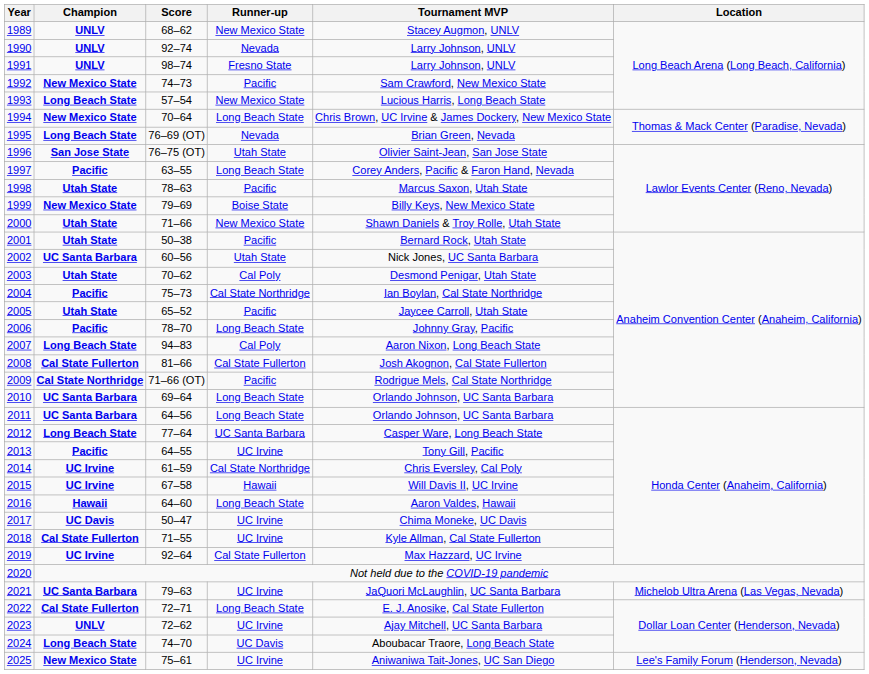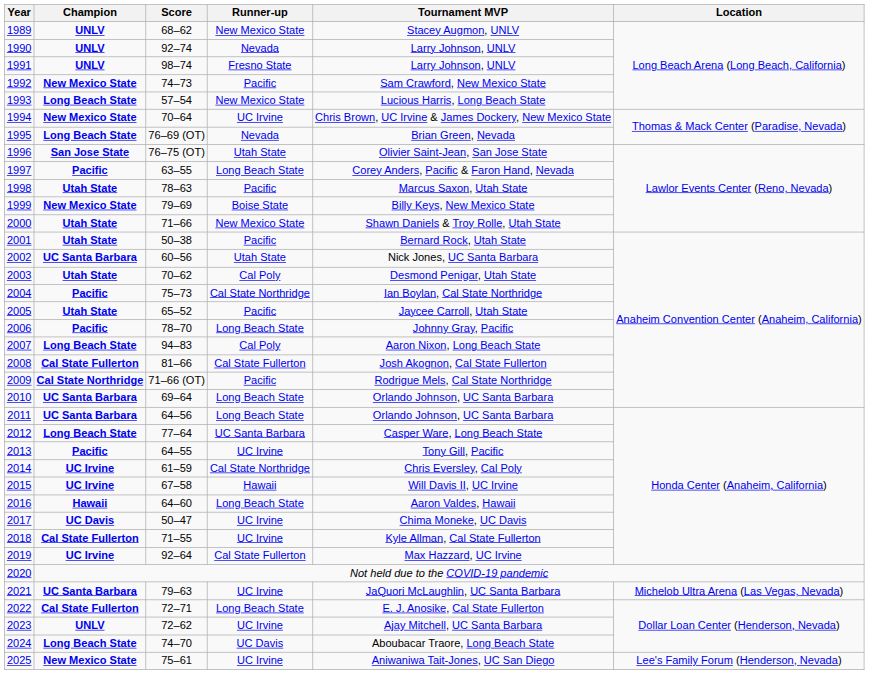 <table class="wikitable sortable" style="text-align:center">
 <tr>
 <th width=px>Year</th>
 <th width=px>Champion</th>
 <th width=px>Score</th>
 <th width=px>Runner-up</th>
 <th width=px>Tournament MVP</th>
 <th width=px>Location</th>
 </tr>
 <tr>
 <td><a href='#'>1989</a></td>
 <td><strong><a href='#'>UNLV</a></strong></td>
 <td>68–62</td>
 <td><a href='#'>New Mexico State</a></td>
 <td><a href='#'>Stacey Augmon</a>, <a href='#'>UNLV</a></td>
 <td rowspan=5><a href='#'>Long Beach Arena</a> (<a href='#'>Long Beach, California</a>)</td>
 </tr>
 <tr>
 <td><a href='#'>1990</a></td>
 <td><strong><a href='#'>UNLV</a></strong></td>
 <td>92–74</td>
 <td><a href='#'>Nevada</a></td>
 <td><a href='#'>Larry Johnson</a>, <a href='#'>UNLV</a></td>
 </tr>
 <tr>
 <td><a href='#'>1991</a></td>
 <td><strong><a href='#'>UNLV</a></strong></td>
 <td>98–74</td>
 <td><a href='#'>Fresno State</a></td>
 <td><a href='#'>Larry Johnson</a>, <a href='#'>UNLV</a></td>
 </tr>
 <tr>
 <td><a href='#'>1992</a></td>
 <td><strong><a href='#'>New Mexico State</a></strong></td>
 <td>74–73</td>
 <td><a href='#'>Pacific</a></td>
 <td><a href='#'>Sam Crawford</a>, <a href='#'>New Mexico State</a></td>
 </tr>
 <tr>
 <td><a href='#'>1993</a></td>
 <td><strong><a href='#'>Long Beach State</a></strong></td>
 <td>57–54</td>
 <td><a href='#'>New Mexico State</a></td>
 <td><a href='#'>Lucious Harris</a>, <a href='#'>Long Beach State</a></td>
 </tr>
 <tr>
 <td><a href='#'>1994</a></td>
 <td><strong><a href='#'>New Mexico State</a></strong></td>
 <td>70–64</td>
-<td><a href='#'>Long Beach State</a></td>
+<td><a href='#'>UC Irvine</a></td>
 <td><a href='#'>Chris Brown</a>, <a href='#'>UC Irvine</a> & <a href='#'>James Dockery</a>, <a href='#'>New Mexico State</a></td>
 <td rowspan=2><a href='#'>Thomas & Mack Center</a> (<a href='#'>Paradise, Nevada</a>)</td>
 </tr>
 <tr>
 <td><a href='#'>1995</a></td>
 <td><strong><a href='#'>Long Beach State</a></strong></td>
 <td>76–69 (OT)</td>
 <td><a href='#'>Nevada</a></td>
 <td><a href='#'>Brian Green</a>, <a href='#'>Nevada</a></td>
 </tr>
 <tr>
 <td><a href='#'>1996</a></td>
 <td><strong><a href='#'>San Jose State</a></strong></td>
 <td>76–75 (OT)</td>
 <td><a href='#'>Utah State</a></td>
 <td><a href='#'>Olivier Saint-Jean</a>, <a href='#'>San Jose State</a></td>
 <td rowspan=5><a href='#'>Lawlor Events Center</a> (<a href='#'>Reno, Nevada</a>)</td>
 </tr>
 <tr>
 <td><a href='#'>1997</a></td>
 <td><strong><a href='#'>Pacific</a></strong></td>
 <td>63–55</td>
 <td><a href='#'>Long Beach State</a></td>
 <td><a href='#'>Corey Anders</a>, <a href='#'>Pacific</a> & <a href='#'>Faron Hand</a>, <a href='#'>Nevada</a></td>
 </tr>
 <tr>
 <td><a href='#'>1998</a></td>
 <td><strong><a href='#'>Utah State</a></strong></td>
 <td>78–63</td>
 <td><a href='#'>Pacific</a></td>
 <td><a href='#'>Marcus Saxon</a>, <a href='#'>Utah State</a></td>
 </tr>
 <tr>
 <td><a href='#'>1999</a></td>
 <td><strong><a href='#'>New Mexico State</a></strong></td>
 <td>79–69</td>
 <td><a href='#'>Boise State</a></td>
 <td><a href='#'>Billy Keys</a>, <a href='#'>New Mexico State</a></td>
 </tr>
 <tr>
 <td><a href='#'>2000</a></td>
 <td><strong><a href='#'>Utah State</a></strong></td>
 <td>71–66</td>
 <td><a href='#'>New Mexico State</a></td>
 <td><a href='#'>Shawn Daniels</a> & <a href='#'>Troy Rolle</a>, <a href='#'>Utah State</a></td>
 </tr>
 <tr>
 <td><a href='#'>2001</a></td>
 <td><strong><a href='#'>Utah State</a></strong></td>
 <td>50–38</td>
 <td><a href='#'>Pacific</a></td>
 <td><a href='#'>Bernard Rock</a>, <a href='#'>Utah State</a></td>
 <td rowspan=10><a href='#'>Anaheim Convention Center</a> (<a href='#'>Anaheim, California</a>)</td>
 </tr>
 <tr>
 <td><a href='#'>2002</a></td>
 <td><strong><a href='#'>UC Santa Barbara</a></strong></td>
 <td>60–56</td>
 <td><a href='#'>Utah State</a></td>
 <td>Nick Jones, <a href='#'>UC Santa Barbara</a></td>
 </tr>
 <tr>
 <td><a href='#'>2003</a></td>
 <td><strong><a href='#'>Utah State</a></strong></td>
 <td>70–62</td>
 <td><a href='#'>Cal Poly</a></td>
 <td><a href='#'>Desmond Penigar</a>, <a href='#'>Utah State</a></td>
 </tr>
 <tr>
 <td><a href='#'>2004</a></td>
 <td><strong><a href='#'>Pacific</a></strong></td>
 <td>75–73</td>
 <td><a href='#'>Cal State Northridge</a></td>
 <td><a href='#'>Ian Boylan</a>, <a href='#'>Cal State Northridge</a></td>
 </tr>
 <tr>
 <td><a href='#'>2005</a></td>
 <td><strong><a href='#'>Utah State</a></strong></td>
 <td>65–52</td>
 <td><a href='#'>Pacific</a></td>
 <td><a href='#'>Jaycee Carroll</a>, <a href='#'>Utah State</a></td>
 </tr>
 <tr>
 <td><a href='#'>2006</a></td>
 <td><strong><a href='#'>Pacific</a></strong></td>
 <td>78–70</td>
 <td><a href='#'>Long Beach State</a></td>
 <td><a href='#'>Johnny Gray</a>, <a href='#'>Pacific</a></td>
 </tr>
 <tr>
 <td><a href='#'>2007</a></td>
 <td><strong><a href='#'>Long Beach State</a></strong></td>
 <td>94–83</td>
 <td><a href='#'>Cal Poly</a></td>
 <td><a href='#'>Aaron Nixon</a>, <a href='#'>Long Beach State</a></td>
 </tr>
 <tr>
 <td><a href='#'>2008</a></td>
 <td><strong><a href='#'>Cal State Fullerton</a></strong></td>
 <td>81–66</td>
 <td><a href='#'>Cal State Fullerton</a></td>
 <td><a href='#'>Josh Akognon</a>, <a href='#'>Cal State Fullerton</a></td>
 </tr>
 <tr>
 <td><a href='#'>2009</a></td>
 <td><strong><a href='#'>Cal State Northridge</a></strong></td>
 <td>71–66 (OT)</td>
 <td><a href='#'>Pacific</a></td>
 <td><a href='#'>Rodrigue Mels</a>, <a href='#'>Cal State Northridge</a></td>
 </tr>
 <tr>
 <td><a href='#'>2010</a></td>
 <td><strong><a href='#'>UC Santa Barbara</a></strong></td>
 <td>69–64</td>
 <td><a href='#'>Long Beach State</a></td>
 <td><a href='#'>Orlando Johnson</a>, <a href='#'>UC Santa Barbara</a></td>
 </tr>
 <tr>
 <td><a href='#'>2011</a></td>
 <td><strong><a href='#'>UC Santa Barbara</a></strong></td>
 <td>64–56</td>
 <td><a href='#'>Long Beach State</a></td>
 <td><a href='#'>Orlando Johnson</a>, <a href='#'>UC Santa Barbara</a></td>
 <td rowspan=9><a href='#'>Honda Center</a> (<a href='#'>Anaheim, California</a>)</td>
 </tr>
 <tr>
 <td><a href='#'>2012</a></td>
 <td><strong><a href='#'>Long Beach State</a></strong></td>
 <td>77–64</td>
 <td><a href='#'>UC Santa Barbara</a></td>
 <td><a href='#'>Casper Ware</a>, <a href='#'>Long Beach State</a></td>
 </tr>
 <tr>
 <td><a href='#'>2013</a></td>
 <td><strong><a href='#'>Pacific</a></strong></td>
 <td>64–55</td>
 <td><a href='#'>UC Irvine</a></td>
 <td><a href='#'>Tony Gill</a>, <a href='#'>Pacific</a></td>
 </tr>
 <tr>
 <td><a href='#'>2014</a></td>
 <td><strong><a href='#'>UC Irvine</a></strong></td>
 <td>61–59</td>
 <td><a href='#'>Cal State Northridge</a></td>
 <td><a href='#'>Chris Eversley</a>, <a href='#'>Cal Poly</a></td>
 </tr>
 <tr>
 <td><a href='#'>2015</a></td>
 <td><strong><a href='#'>UC Irvine</a></strong></td>
 <td>67–58</td>
 <td><a href='#'>Hawaii</a></td>
 <td><a href='#'>Will Davis II</a>, <a href='#'>UC Irvine</a></td>
 </tr>
 <tr>
 <td><a href='#'>2016</a></td>
 <td><strong><a href='#'>Hawaii</a></strong></td>
 <td>64–60</td>
 <td><a href='#'>Long Beach State</a></td>
 <td><a href='#'>Aaron Valdes</a>, <a href='#'>Hawaii</a></td>
 </tr>
 <tr>
 <td><a href='#'>2017</a></td>
 <td><strong><a href='#'>UC Davis</a></strong></td>
 <td>50–47</td>
 <td><a href='#'>UC Irvine</a></td>
 <td><a href='#'>Chima Moneke</a>, <a href='#'>UC Davis</a></td>
 </tr>
 <tr>
 <td><a href='#'>2018</a></td>
 <td><strong><a href='#'>Cal State Fullerton</a></strong></td>
 <td>71–55</td>
 <td><a href='#'>UC Irvine</a></td>
 <td><a href='#'>Kyle Allman</a>, <a href='#'>Cal State Fullerton</a></td>
 </tr>
 <tr>
 <td><a href='#'>2019</a></td>
 <td><strong><a href='#'>UC Irvine</a></strong></td>
 <td>92–64</td>
 <td><a href='#'>Cal State Fullerton</a></td>
 <td><a href='#'>Max Hazzard</a>, <a href='#'>UC Irvine</a></td>
 </tr>
 <tr>
 <td><a href='#'>2020</a></td>
 <td colspan=5><em>Not held due to the <a href='#'>COVID-19 pandemic</a></em></td>
 </tr>
 <tr>
 <td><a href='#'>2021</a></td>
 <td><strong><a href='#'>UC Santa Barbara</a></strong></td>
 <td>79–63</td>
 <td><a href='#'>UC Irvine</a></td>
 <td><a href='#'>JaQuori McLaughlin</a>, <a href='#'>UC Santa Barbara</a></td>
 <td><a href='#'>Michelob Ultra Arena</a> (<a href='#'>Las Vegas, Nevada</a>)</td>
 </tr>
 <tr>
 <td><a href='#'>2022</a></td>
 <td><strong><a href='#'>Cal State Fullerton</a></strong></td>
 <td>72–71</td>
 <td><a href='#'>Long Beach State</a></td>
 <td><a href='#'>E. J. Anosike</a>, <a href='#'>Cal State Fullerton</a></td>
 <td rowspan=3><a href='#'>Dollar Loan Center</a> (<a href='#'>Henderson, Nevada</a>)</td>
 </tr>
 <tr>
 <td><a href='#'>2023</a></td>
 <td><strong><a href='#'>UNLV</a></strong></td>
 <td>72–62</td>
 <td><a href='#'>UC Irvine</a></td>
 <td><a href='#'>Ajay Mitchell</a>, <a href='#'>UC Santa Barbara</a></td>
 </tr>
 <tr>
 <td><a href='#'>2024</a></td>
 <td><strong><a href='#'>Long Beach State</a></strong></td>
 <td>74–70</td>
 <td><a href='#'>UC Davis</a></td>
 <td>Aboubacar Traore, <a href='#'>Long Beach State</a></td>
 </tr>
 <tr>
 <td><a href='#'>2025</a></td>
 <td><strong><a href='#'>New Mexico State</a></strong></td>
 <td>75–61</td>
 <td><a href='#'>UC Irvine</a></td>
 <td><a href='#'>Aniwaniwa Tait-Jones</a>, <a href='#'>UC San Diego</a></td>
 <td rowspan=1><a href='#'>Lee's Family Forum</a> (<a href='#'>Henderson, Nevada</a>)</td>
 </tr>
 </table>
